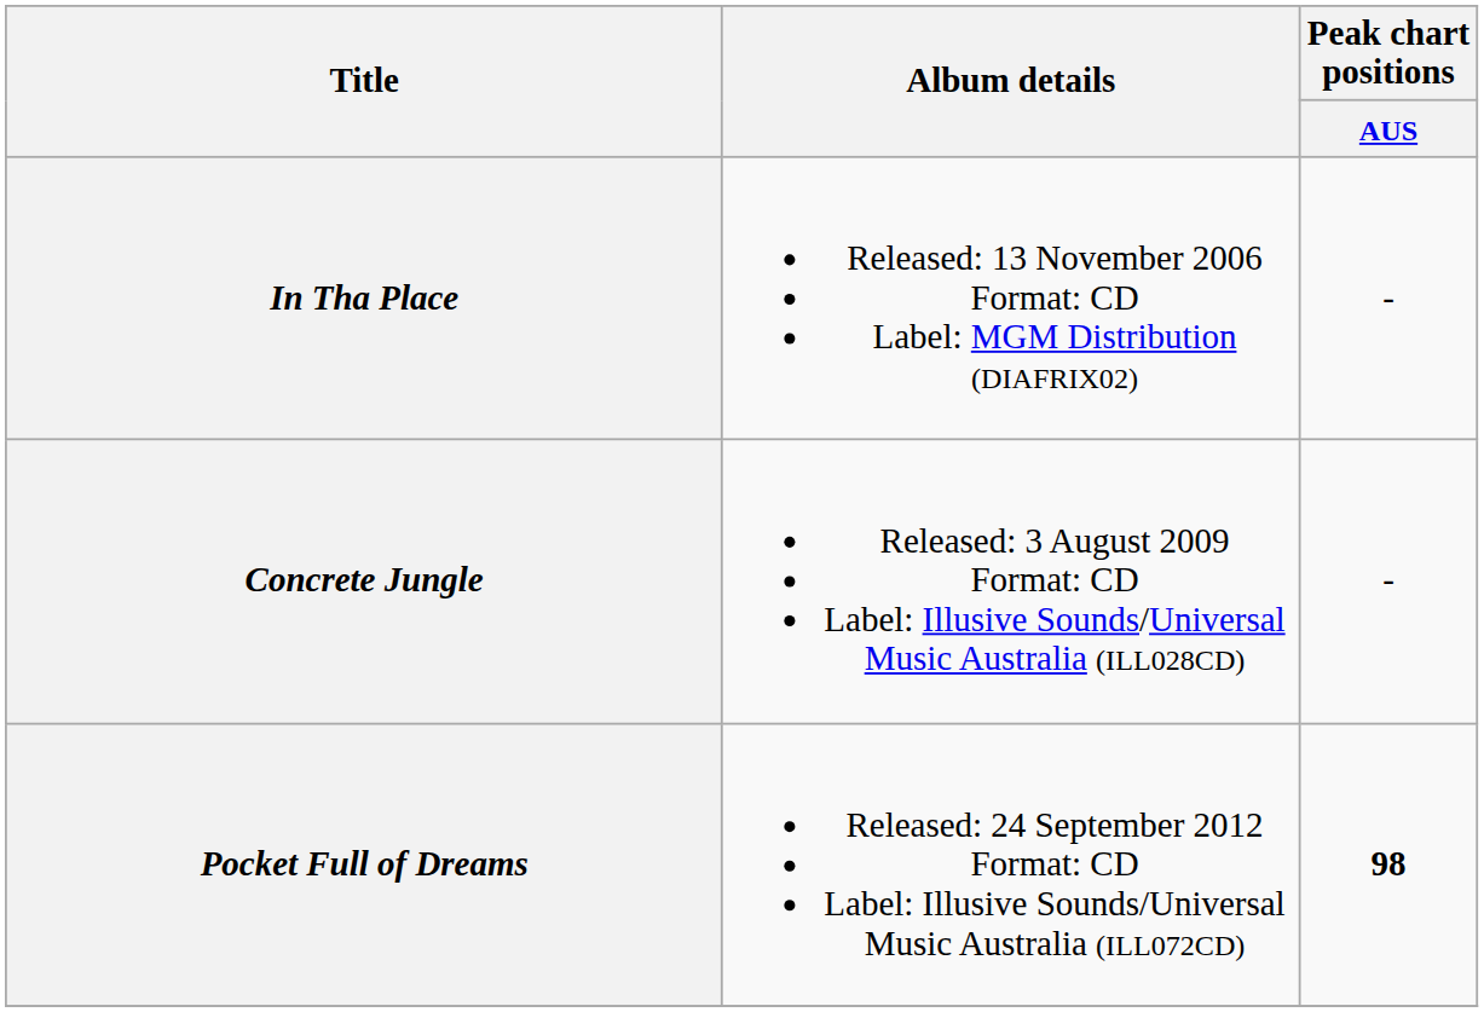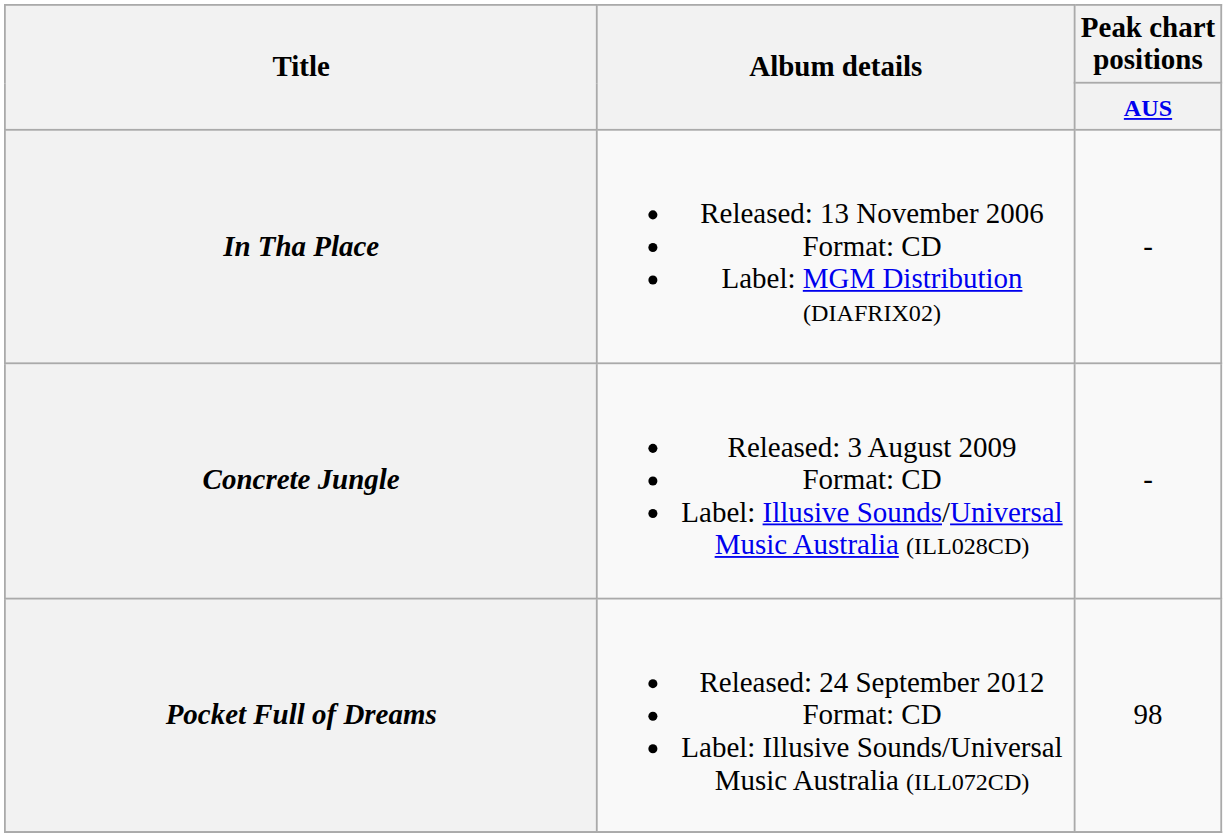 <table class="wikitable plainrowheaders" style="text-align:center;" border="1">
 <tr>
 <th scope="col" rowspan="2" style="width:20em;">Title</th>
 <th scope="col" rowspan="2" style="width:16em;">Album details</th>
 <th scope="col" colspan="1">Peak chart<br>positions</th>
 </tr>
 <tr>
 <th scope="col" style="text-align:center;"><small><a href='#'>AUS</a></small><br></th>
 </tr>
 <tr>
 <th scope="row"><em>In Tha Place</em></th>
 <td><br><ul><li>Released: 13 November 2006</li><li>Format: CD</li><li>Label: <a href='#'>MGM Distribution</a> <small>(DIAFRIX02)</small></li></ul></td>
 <td align="center">-</td>
 </tr>
 <tr>
 <th scope="row"><em>Concrete Jungle</em></th>
 <td><br><ul><li>Released: 3 August 2009</li><li>Format: CD</li><li>Label: <a href='#'>Illusive Sounds</a>/<a href='#'>Universal Music Australia</a> <small>(ILL028CD)</small></li></ul></td>
 <td align="center">-</td>
 </tr>
 <tr>
 <th scope="row"><em>Pocket Full of Dreams</em></th>
 <td><br><ul><li>Released: 24 September 2012</li><li>Format: CD</li><li>Label: Illusive Sounds/Universal Music Australia <small>(ILL072CD)</small></li></ul></td>
-<td align="center"><strong>98</strong></td>
+<td align="center">98</td>
 </tr>
 <tr>
 </tr>
 </table>
